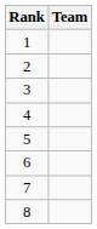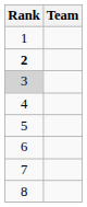 <table class=wikitable>
 <tr>
 <th>Rank</th>
 <th>Team</th>
 </tr>
 <tr>
 <td align=center>1</td>
 <td></td>
 </tr>
 <tr>
-<td align=center>2</td>
+<td align=center><strong>2</strong></td>
 <td></td>
 </tr>
 <tr>
-<td align=center>3</td>
+<td align=center style="background: lightgrey;">3</td>
 <td></td>
 </tr>
 <tr>
 <td align=center>4</td>
 <td></td>
 </tr>
 <tr>
 <td align=center>5</td>
 <td></td>
 </tr>
 <tr>
 <td align=center>6</td>
 <td></td>
 </tr>
 <tr>
 <td align=center>7</td>
 <td></td>
 </tr>
 <tr>
 <td align=center>8</td>
 <td></td>
 </tr>
 </table>
